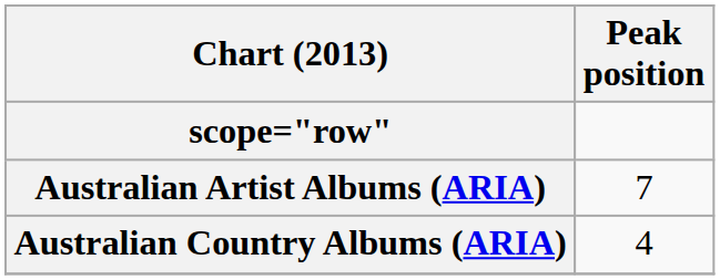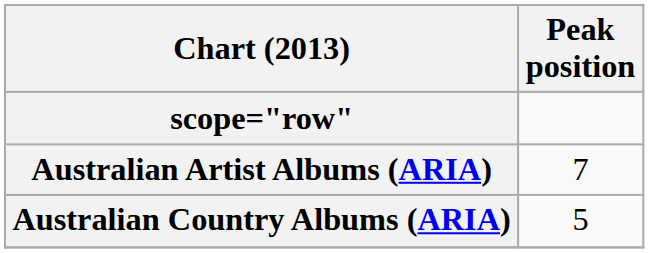 <table class="wikitable sortable plainrowheaders">
 <tr>
 <th scope="col">Chart (2013)</th>
 <th scope="col">Peak<br>position</th>
 </tr>
 <tr>
 <th>scope="row"</th>
 </tr>
 <tr>
 <th scope="row">Australian Artist Albums (<a href='#'>ARIA</a>)</th>
 <td align="center">7</td>
 </tr>
 <tr>
 <th scope="row">Australian Country Albums (<a href='#'>ARIA</a>)</th>
-<td align="center">4</td>
+<td align="center">5</td>
 </tr>
 <tr>
 </tr>
 </table>
